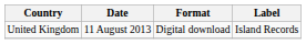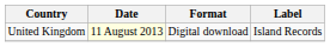 <table class="wikitable plainrowheaders">
 <tr>
 <th scope="col">Country</th>
 <th scope="col">Date</th>
 <th scope="col">Format</th>
 <th scope="col">Label</th>
 </tr>
 <tr>
 <td>United Kingdom</td>
-<td>11 August 2013</td>
+<td style="background: lightyellow;">11 August 2013</td>
 <td>Digital download</td>
 <td>Island Records</td>
 </tr>
 <tr>
 </tr>
 </table>
